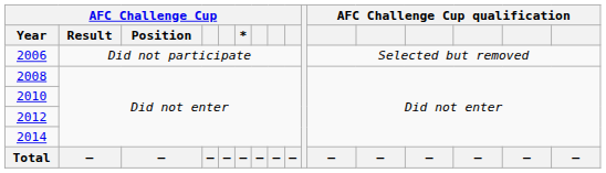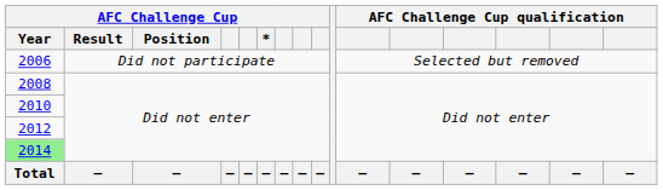 <table class="wikitable" style="text-align: center;">
 <tr>
 <th colspan=9><a href='#'>AFC Challenge Cup</a></th>
 <th width=1% rowspan=39></th>
 <th colspan=6>AFC Challenge Cup qualification</th>
 </tr>
 <tr>
 <th>Year</th>
 <th>Result</th>
 <th>Position</th>
 <th></th>
 <th></th>
 <th>*</th>
 <th></th>
 <th></th>
 <th></th>
 <th></th>
 <th></th>
 <th></th>
 <th></th>
 <th></th>
 <th></th>
 </tr>
 <tr>
 <td> <a href='#'>2006</a></td>
 <td colspan=8><em>Did not participate</em></td>
 <td colspan=6><em>Selected but removed</em></td>
 </tr>
 <tr>
 <td> <a href='#'>2008</a></td>
 <td colspan=8  rowspan=4><em>Did not enter</em></td>
 <td colspan=6 rowspan=4><em>Did not enter</em></td>
 </tr>
 <tr>
 <td> <a href='#'>2010</a></td>
 </tr>
 <tr>
 <td> <a href='#'>2012</a></td>
 </tr>
 <tr>
-<td> <a href='#'>2014</a></td>
+<td style="background: lightgreen;"> <a href='#'>2014</a></td>
 </tr>
 <tr>
 <th><strong>Total</strong></th>
 <th>—</th>
 <th>—</th>
 <th>–</th>
 <th>–</th>
 <th>–</th>
 <th>–</th>
 <th>–</th>
 <th>–</th>
 <th>–</th>
 <th>–</th>
 <th>–</th>
 <th>–</th>
 <th>–</th>
 <th>–</th>
 </tr>
 </table>
